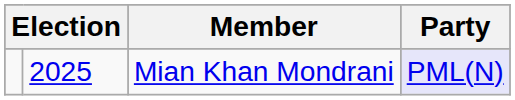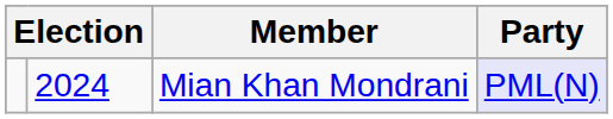 <table class="wikitable">
 <tr>
 <th colspan="2">Election</th>
 <th>Member</th>
 <th>Party</th>
 </tr>
 <tr>
 <td style="background-color: "></td>
-<td><a href='#'>2025</a></td>
+<td><a href='#'>2024</a></td>
 <td><a href='#'>Mian Khan Mondrani</a></td>
 <td style="background: lavender;"><a href='#'>PML(N)</a></td>
 </tr>
 </table>
